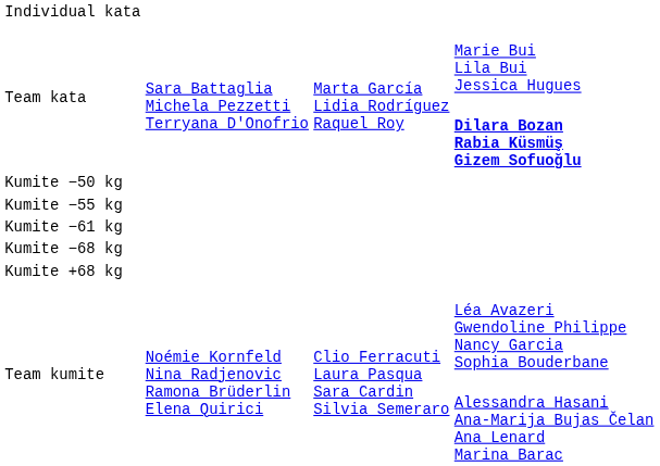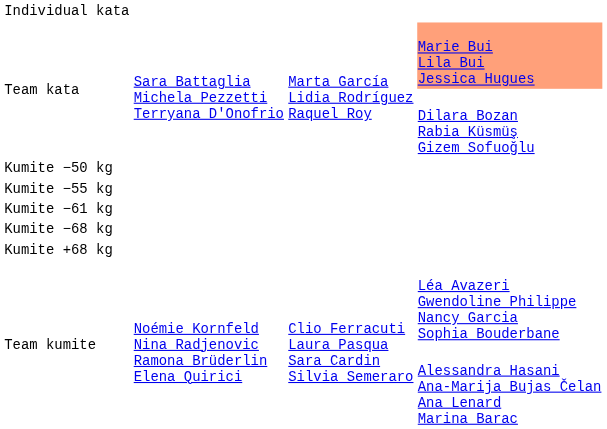 <table>
 <tr>
 <td rowspan=2>Individual kata</td>
 <td rowspan=2></td>
 <td rowspan=2></td>
 <td></td>
 </tr>
 <tr>
 <td></td>
 </tr>
 <tr>
 <td rowspan=2>Team kata</td>
 <td rowspan=2><br><a href='#'>Sara Battaglia</a><br><a href='#'>Michela Pezzetti</a><br><a href='#'>Terryana D'Onofrio</a></td>
 <td rowspan=2><br><a href='#'>Marta García</a><br><a href='#'>Lidia Rodríguez</a><br><a href='#'>Raquel Roy</a></td>
-<td><br><a href='#'>Marie Bui</a><br><a href='#'>Lila Bui</a><br><a href='#'>Jessica Hugues</a></td>
+<td style="background: lightsalmon;"><br><a href='#'>Marie Bui</a><br><a href='#'>Lila Bui</a><br><a href='#'>Jessica Hugues</a></td>
 </tr>
 <tr>
-<td><strong><br><a href='#'>Dilara Bozan</a><br><a href='#'>Rabia Küsmüş</a><br><a href='#'>Gizem Sofuoğlu</a></strong></td>
+<td><br><a href='#'>Dilara Bozan</a><br><a href='#'>Rabia Küsmüş</a><br><a href='#'>Gizem Sofuoğlu</a></td>
 </tr>
 <tr>
 <td rowspan=2>Kumite −50 kg</td>
 <td rowspan=2></td>
 <td rowspan=2></td>
 <td></td>
 </tr>
 <tr>
 <td></td>
 </tr>
 <tr>
 <td rowspan=2>Kumite −55 kg</td>
 <td rowspan=2></td>
 <td rowspan=2></td>
 <td></td>
 </tr>
 <tr>
 <td></td>
 </tr>
 <tr>
 <td rowspan=2>Kumite −61 kg</td>
 <td rowspan=2></td>
 <td rowspan=2></td>
 <td></td>
 </tr>
 <tr>
 <td></td>
 </tr>
 <tr>
 <td rowspan=2>Kumite −68 kg</td>
 <td rowspan=2></td>
 <td rowspan=2></td>
 <td></td>
 </tr>
 <tr>
 <td></td>
 </tr>
 <tr>
 <td rowspan=2>Kumite +68 kg</td>
 <td rowspan=2></td>
 <td rowspan=2></td>
 <td></td>
 </tr>
 <tr>
 <td></td>
 </tr>
 <tr>
 <td rowspan=2>Team kumite</td>
 <td rowspan=2><br><a href='#'>Noémie Kornfeld</a><br><a href='#'>Nina Radjenovic</a><br><a href='#'>Ramona Brüderlin</a><br><a href='#'>Elena Quirici</a></td>
 <td rowspan=2><br><a href='#'>Clio Ferracuti</a><br><a href='#'>Laura Pasqua</a><br><a href='#'>Sara Cardin</a><br><a href='#'>Silvia Semeraro</a></td>
 <td><br><a href='#'>Léa Avazeri</a><br><a href='#'>Gwendoline Philippe</a><br><a href='#'>Nancy Garcia</a><br><a href='#'>Sophia Bouderbane</a></td>
 </tr>
 <tr>
 <td><br><a href='#'>Alessandra Hasani</a><br><a href='#'>Ana-Marija Bujas Čelan</a><br><a href='#'>Ana Lenard</a><br><a href='#'>Marina Barac</a></td>
 </tr>
 </table>
